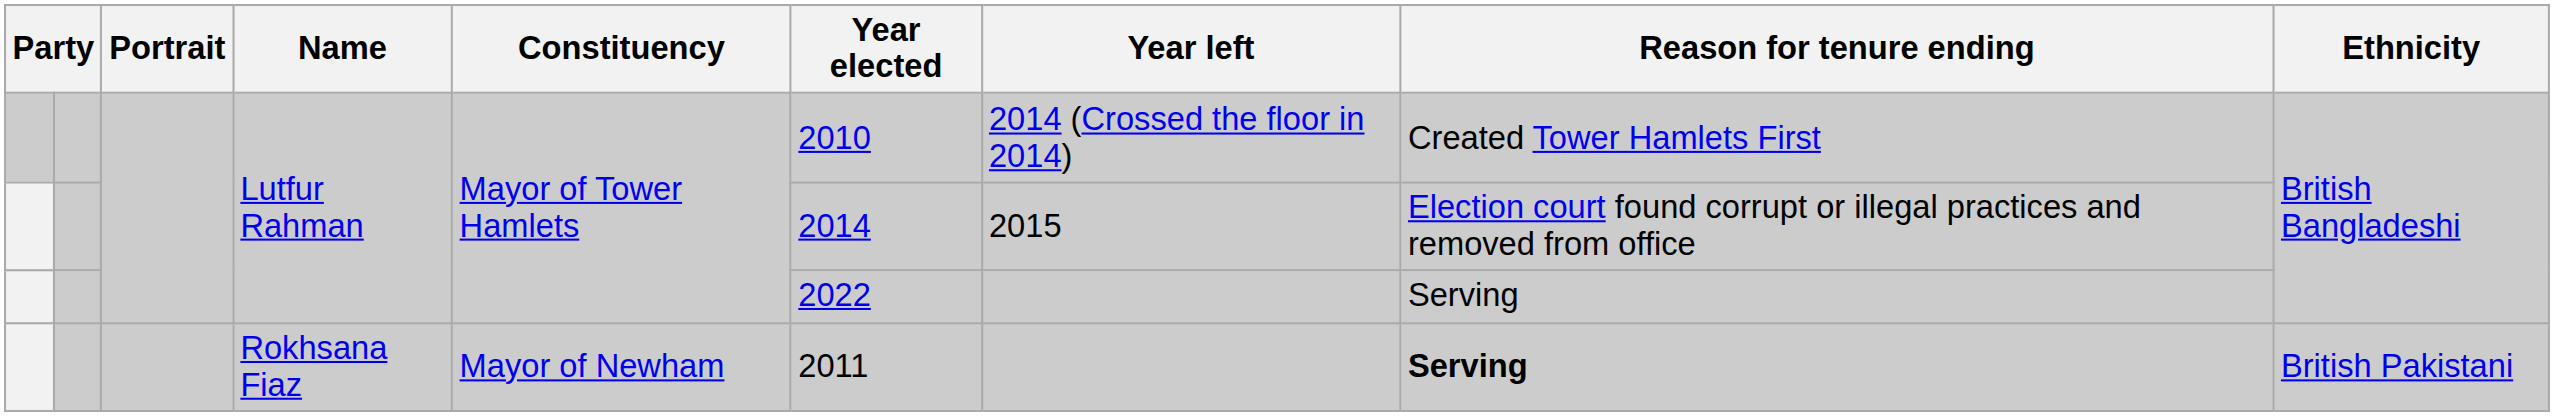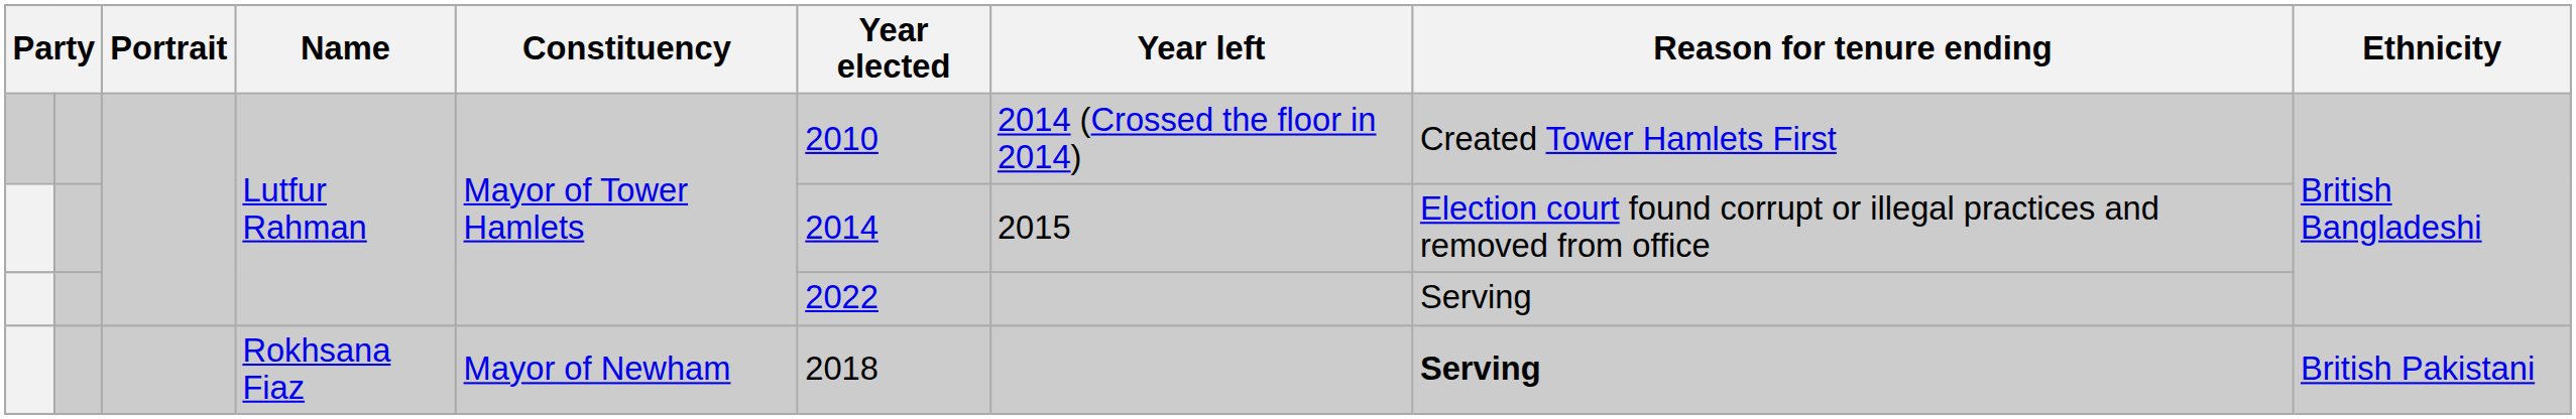 <table class="wikitable sortable">
 <tr>
 <th colspan="2">Party</th>
 <th>Portrait</th>
 <th>Name</th>
 <th>Constituency</th>
 <th>Year elected</th>
 <th>Year left</th>
 <th>Reason for tenure ending</th>
 <th>Ethnicity</th>
 </tr>
 <tr style="background:#ccc;">
 <td style="background-color: "></td>
 <td></td>
 <td rowspan="3"></td>
 <td rowspan="3"><a href='#'>Lutfur Rahman</a></td>
 <td rowspan="3"><a href='#'>Mayor of Tower Hamlets</a></td>
 <td><a href='#'>2010</a></td>
 <td><a href='#'>2014</a> (<a href='#'>Crossed the floor in 2014</a>)</td>
 <td>Created <a href='#'>Tower Hamlets First</a></td>
 <td rowspan="3"><a href='#'>British Bangladeshi</a></td>
 </tr>
 <tr style="background:#ccc;">
 <th style="background-color: "></th>
 <td></td>
 <td><a href='#'>2014</a></td>
 <td>2015</td>
 <td><a href='#'>Election court</a> found corrupt or illegal practices and removed from office</td>
 </tr>
 <tr style="background:#ccc;">
 <th style="background-color: "></th>
 <td></td>
 <td><a href='#'>2022</a></td>
 <td></td>
 <td>Serving</td>
 </tr>
 <tr style="background:#ccc;">
 <th style="background-color: "></th>
 <td></td>
 <td></td>
 <td><a href='#'>Rokhsana Fiaz</a></td>
 <td><a href='#'>Mayor of Newham</a></td>
-<td>2011</td>
+<td>2018</td>
 <td></td>
 <td><strong>Serving</strong></td>
 <td><a href='#'>British Pakistani</a></td>
 </tr>
 </table>
